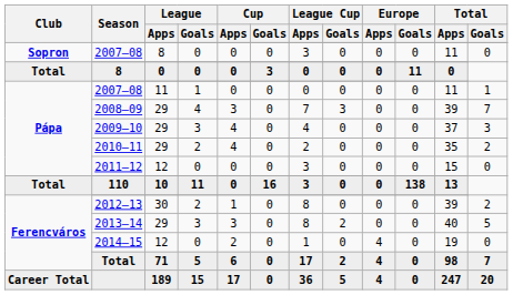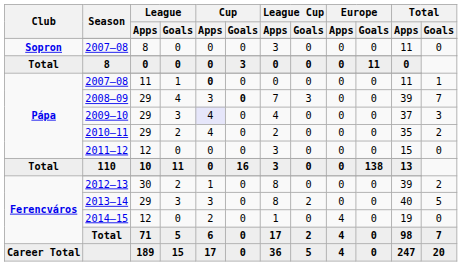 <table class="wikitable" style="font-size:90%; text-align: center;">
 <tr>
 <th rowspan="2">Club</th>
 <th rowspan="2">Season</th>
 <th colspan="2">League</th>
 <th colspan="2">Cup</th>
 <th colspan="2">League Cup</th>
 <th colspan="2">Europe</th>
 <th colspan="2">Total</th>
 </tr>
 <tr>
 <th>Apps</th>
 <th>Goals</th>
 <th>Apps</th>
 <th>Goals</th>
 <th>Apps</th>
 <th>Goals</th>
 <th>Apps</th>
 <th>Goals</th>
 <th>Apps</th>
 <th>Goals</th>
 </tr>
 <tr ||-||-||-|->
 <td rowspan="3" valign="center"><strong><a href='#'>Sopron</a></strong></td>
 </tr>
 <tr>
 <td><a href='#'>2007–08</a></td>
 <td>8</td>
 <td>0</td>
 <td>0</td>
 <td>0</td>
 <td>3</td>
 <td>0</td>
 <td>0</td>
 <td>0</td>
 <td>11</td>
 <td>0</td>
 </tr>
 <tr>
 </tr>
 <tr style="font-weight:bold; background-color:#eeeeee;">
 <td>Total</td>
 <td>8</td>
 <td>0</td>
 <td>0</td>
 <td>0</td>
 <td>3</td>
 <td>0</td>
 <td>0</td>
 <td>0</td>
 <td>11</td>
 <td>0</td>
 </tr>
 <tr>
 <td rowspan="7" valign="center"><strong><a href='#'>Pápa</a></strong></td>
 </tr>
 <tr>
 <td><a href='#'>2007–08</a></td>
 <td>11</td>
 <td>1</td>
-<td>0</td>
+<td><strong>0</strong></td>
 <td>0</td>
 <td>0</td>
 <td>0</td>
 <td>0</td>
 <td>0</td>
 <td>11</td>
 <td>1</td>
 </tr>
 <tr>
 <td><a href='#'>2008–09</a></td>
 <td>29</td>
 <td>4</td>
 <td>3</td>
-<td>0</td>
+<td><strong>0</strong></td>
 <td>7</td>
 <td>3</td>
 <td>0</td>
 <td>0</td>
 <td>39</td>
 <td>7</td>
 </tr>
 <tr>
 <td><a href='#'>2009–10</a></td>
 <td>29</td>
 <td>3</td>
-<td>4</td>
+<td style="background: lavender;">4</td>
 <td>0</td>
 <td>4</td>
 <td>0</td>
 <td>0</td>
 <td>0</td>
 <td>37</td>
 <td>3</td>
 </tr>
 <tr>
 <td><a href='#'>2010–11</a></td>
 <td>29</td>
 <td>2</td>
 <td>4</td>
 <td>0</td>
 <td>2</td>
 <td>0</td>
 <td>0</td>
 <td>0</td>
 <td>35</td>
 <td>2</td>
 </tr>
 <tr>
 <td><a href='#'>2011–12</a></td>
 <td>12</td>
 <td>0</td>
 <td>0</td>
 <td>0</td>
 <td>3</td>
 <td>0</td>
 <td>0</td>
 <td>0</td>
 <td>15</td>
 <td>0</td>
 </tr>
 <tr>
 </tr>
 <tr style="font-weight:bold; background-color:#eeeeee;">
 <td>Total</td>
 <td>110</td>
 <td>10</td>
 <td>11</td>
 <td>0</td>
 <td>16</td>
 <td>3</td>
 <td>0</td>
 <td>0</td>
 <td>138</td>
 <td>13</td>
 </tr>
 <tr>
 <td rowspan="5" valign="center"><strong><a href='#'>Ferencváros</a></strong></td>
 </tr>
 <tr>
 <td><a href='#'>2012–13</a></td>
 <td>30</td>
 <td>2</td>
 <td>1</td>
 <td>0</td>
 <td>8</td>
 <td>0</td>
 <td>0</td>
 <td>0</td>
 <td>39</td>
 <td>2</td>
 </tr>
 <tr>
 <td><a href='#'>2013–14</a></td>
 <td>29</td>
 <td>3</td>
 <td>3</td>
 <td>0</td>
 <td>8</td>
 <td>2</td>
 <td>0</td>
 <td>0</td>
 <td>40</td>
 <td>5</td>
 </tr>
 <tr>
 <td><a href='#'>2014–15</a></td>
 <td>12</td>
 <td>0</td>
 <td>2</td>
 <td>0</td>
 <td>1</td>
 <td>0</td>
 <td>4</td>
 <td>0</td>
 <td>19</td>
 <td>0</td>
 </tr>
 <tr style="font-weight:bold; background-color:#eeeeee;">
 <td>Total</td>
 <td>71</td>
 <td>5</td>
 <td>6</td>
 <td>0</td>
 <td>17</td>
 <td>2</td>
 <td>4</td>
 <td>0</td>
 <td>98</td>
 <td>7</td>
 </tr>
 <tr style="font-weight:bold; background-color:#eeeeee;">
 <td rowspan="1" valign="top"><strong>Career Total</strong></td>
 <td></td>
 <td><strong>189</strong></td>
 <td><strong>15</strong></td>
 <td><strong>17</strong></td>
 <td><strong>0</strong></td>
 <td><strong>36</strong></td>
 <td><strong>5</strong></td>
 <td><strong>4</strong></td>
 <td><strong>0</strong></td>
 <td><strong>247</strong></td>
 <td><strong>20</strong></td>
 </tr>
 </table>
